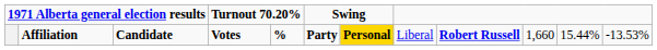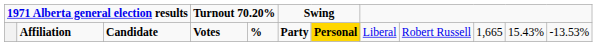 <table class="wikitable">
 <tr>
 <td colspan="3" align=center><strong><a href='#'>1971 Alberta general election</a> results</strong></td>
 <td colspan="2"><strong>Turnout 70.20%</strong></td>
 <td colspan="2" align=center><strong>Swing</strong></td>
 </tr>
 <tr>
 <th style="width: 10px;"></th>
 <td><strong>Affiliation</strong></td>
 <td><strong>Candidate</strong></td>
 <td><strong>Votes</strong></td>
 <td><strong>%</strong></td>
 <td><strong>Party</strong></td>
 <td style="background: gold;"><strong>Personal</strong><br>  </td>
 <td><a href='#'>Liberal</a></td>
-<td><strong><a href='#'>Robert Russell</a></strong></td>
-<td>1,660</td>
-<td>15.44%</td>
+<td><a href='#'>Robert Russell</a></td>
+<td>1,665</td>
+<td>15.43%</td>
 <td colspan=2 align=center>-13.53%<br>    </td>
 </tr>
 </table>
